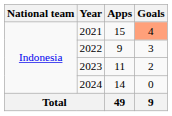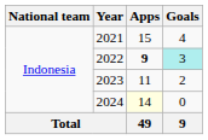 <table class="wikitable" style="text-align:center">
 <tr>
 <th>National team</th>
 <th>Year</th>
 <th>Apps</th>
 <th>Goals</th>
 </tr>
 <tr>
 <td rowspan=4><a href='#'>Indonesia</a></td>
 <td>2021</td>
 <td>15</td>
-<td style="background: lightsalmon;">4</td>
+<td>4</td>
 </tr>
 <tr>
 <td>2022</td>
-<td>9</td>
-<td>3</td>
+<td><strong>9</strong></td>
+<td style="background: paleturquoise;">3</td>
 </tr>
 <tr>
 <td>2023</td>
 <td>11</td>
 <td>2</td>
 </tr>
 <tr>
 <td>2024</td>
-<td>14</td>
+<td style="background: lightyellow;">14</td>
 <td>0</td>
 </tr>
 <tr>
 <th colspan=2>Total</th>
 <th>49</th>
 <th>9</th>
 </tr>
 </table>
